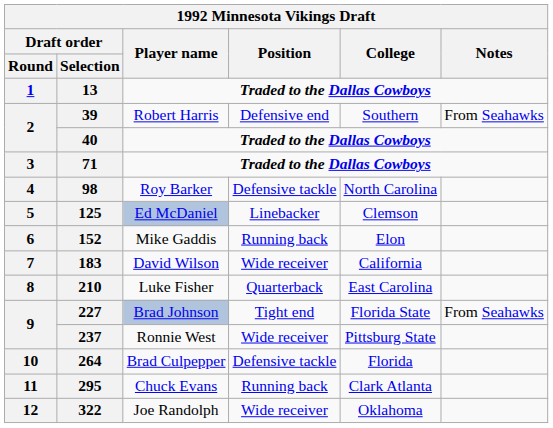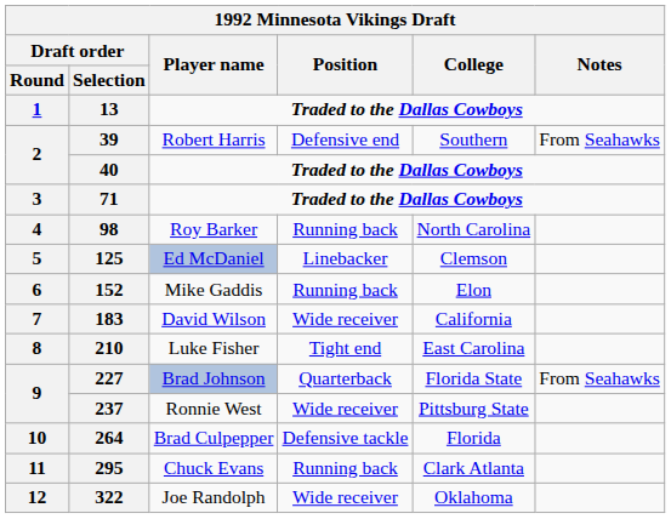 <table class="wikitable" style="text-align:center">
 <tr>
 <th colspan="6">1992 Minnesota Vikings Draft</th>
 </tr>
 <tr>
 <th colspan="2">Draft order</th>
 <th rowspan="2">Player name</th>
 <th rowspan="2">Position</th>
 <th rowspan="2">College</th>
 <th rowspan="2">Notes</th>
 </tr>
 <tr>
 <th>Round</th>
 <th>Selection</th>
 </tr>
 <tr>
 <th><a href='#'>1</a></th>
 <th>13</th>
 <td colspan="4"><strong><em>Traded to the <a href='#'>Dallas Cowboys</a></em></strong></td>
 </tr>
 <tr>
 <th rowspan="2">2</th>
 <th>39</th>
 <td><a href='#'>Robert Harris</a></td>
 <td><a href='#'>Defensive end</a></td>
 <td><a href='#'>Southern</a></td>
 <td>From <a href='#'>Seahawks</a></td>
 </tr>
 <tr>
 <th>40</th>
 <td colspan="4"><strong><em>Traded to the <a href='#'>Dallas Cowboys</a></em></strong></td>
 </tr>
 <tr>
 <th>3</th>
 <th>71</th>
 <td colspan="4"><strong><em>Traded to the <a href='#'>Dallas Cowboys</a></em></strong></td>
 </tr>
 <tr>
 <th>4</th>
 <th>98</th>
 <td><a href='#'>Roy Barker</a></td>
-<td><a href='#'>Defensive tackle</a></td>
+<td><a href='#'>Running back</a></td>
 <td><a href='#'>North Carolina</a></td>
 <td></td>
 </tr>
 <tr>
 <th>5</th>
 <th>125</th>
 <td bgcolor=lightsteelblue><a href='#'>Ed McDaniel</a></td>
 <td><a href='#'>Linebacker</a></td>
 <td><a href='#'>Clemson</a></td>
 <td></td>
 </tr>
 <tr>
 <th>6</th>
 <th>152</th>
 <td>Mike Gaddis</td>
 <td><a href='#'>Running back</a></td>
 <td><a href='#'>Elon</a></td>
 <td></td>
 </tr>
 <tr>
 <th>7</th>
 <th>183</th>
 <td><a href='#'>David Wilson</a></td>
 <td><a href='#'>Wide receiver</a></td>
 <td><a href='#'>California</a></td>
 <td></td>
 </tr>
 <tr>
 <th>8</th>
 <th>210</th>
 <td>Luke Fisher</td>
-<td><a href='#'>Quarterback</a></td>
+<td><a href='#'>Tight end</a></td>
 <td><a href='#'>East Carolina</a></td>
 <td></td>
 </tr>
 <tr>
 <th rowspan="2">9</th>
 <th>227</th>
 <td bgcolor=lightsteelblue><a href='#'>Brad Johnson</a></td>
-<td><a href='#'>Tight end</a></td>
+<td><a href='#'>Quarterback</a></td>
 <td><a href='#'>Florida State</a></td>
 <td>From <a href='#'>Seahawks</a></td>
 </tr>
 <tr>
 <th>237</th>
 <td>Ronnie West</td>
 <td><a href='#'>Wide receiver</a></td>
 <td><a href='#'>Pittsburg State</a></td>
 <td></td>
 </tr>
 <tr>
 <th>10</th>
 <th>264</th>
 <td><a href='#'>Brad Culpepper</a></td>
 <td><a href='#'>Defensive tackle</a></td>
 <td><a href='#'>Florida</a></td>
 <td></td>
 </tr>
 <tr>
 <th>11</th>
 <th>295</th>
 <td><a href='#'>Chuck Evans</a></td>
 <td><a href='#'>Running back</a></td>
 <td><a href='#'>Clark Atlanta</a></td>
 <td></td>
 </tr>
 <tr>
 <th>12</th>
 <th>322</th>
 <td>Joe Randolph</td>
 <td><a href='#'>Wide receiver</a></td>
 <td><a href='#'>Oklahoma</a></td>
 <td></td>
 </tr>
 </table>
